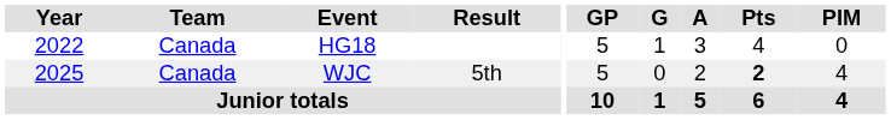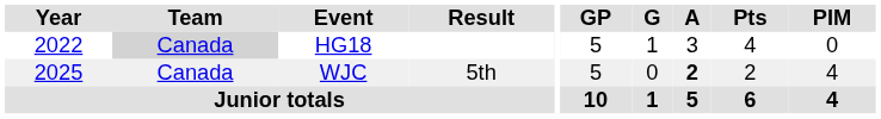 <table border="0" cellpadding="1" cellspacing="0" ID="Table3" style="text-align:center; width:40em">
 <tr bgcolor="#e0e0e0">
 <th>Year</th>
 <th>Team</th>
 <th>Event</th>
 <th>Result</th>
 <th rowspan="99" bgcolor="#ffffff"></th>
 <th>GP</th>
 <th>G</th>
 <th>A</th>
 <th>Pts</th>
 <th>PIM</th>
 </tr>
 <tr>
 <td><a href='#'>2022</a></td>
-<td><a href='#'>Canada</a></td>
+<td style="background: lightgrey;"><a href='#'>Canada</a></td>
 <td><a href='#'>HG18</a></td>
 <td></td>
 <td>5</td>
 <td>1</td>
 <td>3</td>
 <td>4</td>
 <td>0</td>
 </tr>
 <tr bgcolor="#f0f0f0">
 <td><a href='#'>2025</a></td>
 <td><a href='#'>Canada</a></td>
 <td><a href='#'>WJC</a></td>
 <td>5th</td>
 <td>5</td>
 <td>0</td>
+<td><strong>2</strong></td>
 <td>2</td>
-<td><strong>2</strong></td>
 <td>4</td>
 </tr>
 <tr bgcolor="#e0e0e0">
 <th colspan="4">Junior totals</th>
 <th>10</th>
 <th>1</th>
 <th>5</th>
 <th>6</th>
 <th>4</th>
 </tr>
 </table>
